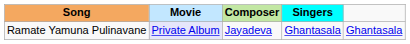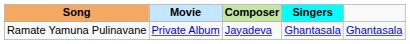 <table class="wikitable sortable">
 <tr>
 <th style="background:#f4a860">Song</th>
 <th style="background:#c2e7ff">Movie</th>
 <th style="background:#c2e7a3">Composer</th>
 <th style="background:#00ffff">Singers</th>
 </tr>
 <tr>
 <td>Ramate Yamuna Pulinavane</td>
-<td style="background: lavender;"><a href='#'>Private Album</a></td>
+<td><a href='#'>Private Album</a></td>
 <td><a href='#'>Jayadeva</a></td>
 <td><a href='#'>Ghantasala</a></td>
 <td><a href='#'>Ghantasala</a></td>
 </tr>
 </table>
